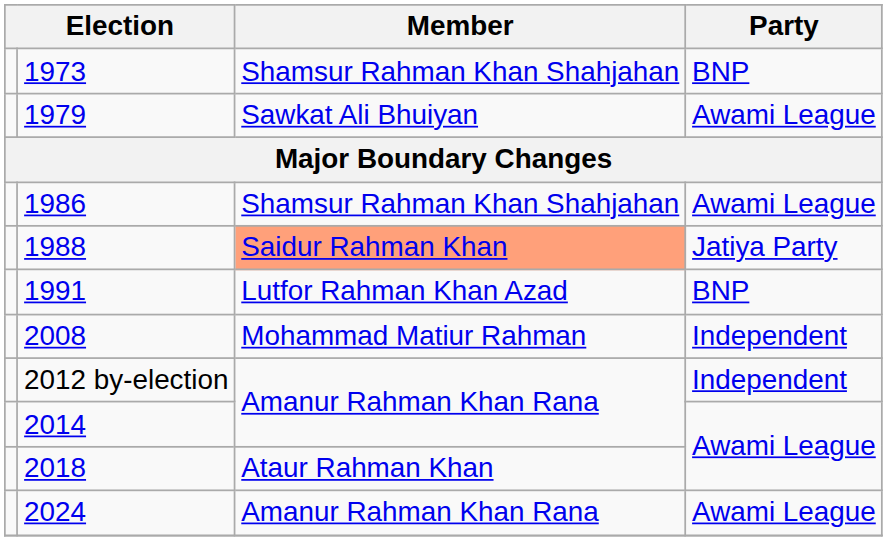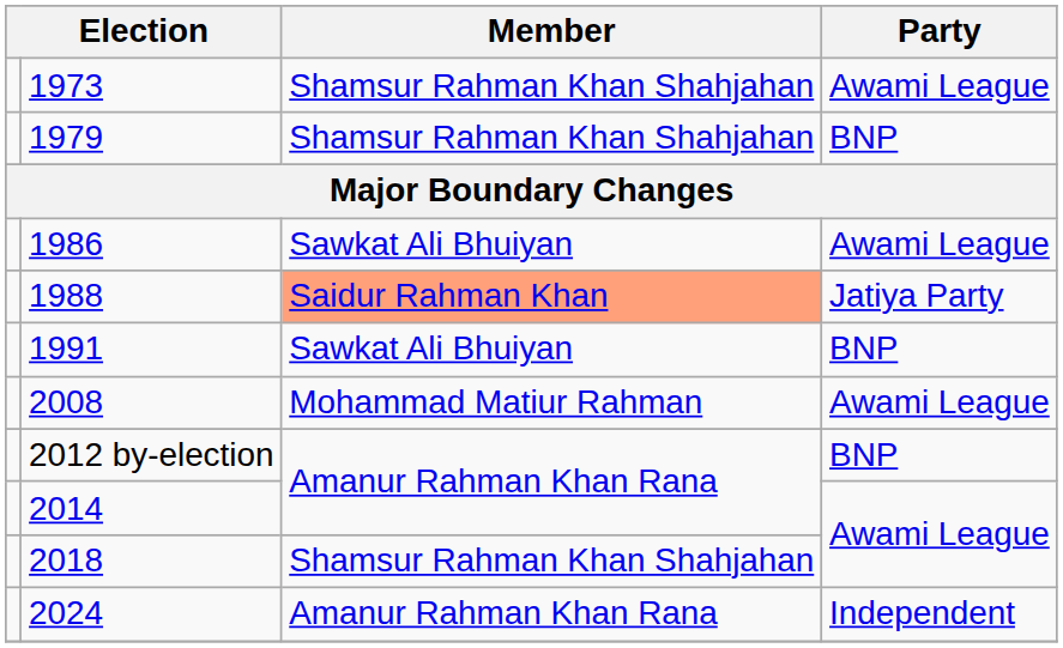 <table class="wikitable">
 <tr>
 <th colspan="2">Election</th>
 <th>Member</th>
 <th>Party</th>
 </tr>
 <tr>
 <td style="background-color:"></td>
 <td><a href='#'>1973</a></td>
 <td><a href='#'>Shamsur Rahman Khan Shahjahan</a></td>
-<td><a href='#'>BNP</a></td>
+<td><a href='#'>Awami League</a></td>
 </tr>
 <tr>
 <td style="background-color:"></td>
 <td><a href='#'>1979</a></td>
-<td><a href='#'>Sawkat Ali Bhuiyan</a></td>
-<td><a href='#'>Awami League</a></td>
+<td><a href='#'>Shamsur Rahman Khan Shahjahan</a></td>
+<td><a href='#'>BNP</a></td>
 </tr>
 <tr>
 <th colspan="4">Major Boundary Changes</th>
 </tr>
 <tr>
 <td style="background-color:"></td>
 <td><a href='#'>1986</a></td>
-<td><a href='#'>Shamsur Rahman Khan Shahjahan</a></td>
+<td><a href='#'>Sawkat Ali Bhuiyan</a></td>
 <td><a href='#'>Awami League</a></td>
 </tr>
 <tr>
 <td style="background-color:"></td>
 <td><a href='#'>1988</a></td>
 <td style="background: lightsalmon;"><a href='#'>Saidur Rahman Khan</a></td>
 <td><a href='#'>Jatiya Party</a></td>
 </tr>
 <tr>
 <td style="background-color:"></td>
 <td><a href='#'>1991</a></td>
-<td><a href='#'>Lutfor Rahman Khan Azad</a></td>
+<td><a href='#'>Sawkat Ali Bhuiyan</a></td>
 <td><a href='#'>BNP</a></td>
 </tr>
 <tr>
 <td style="background-color:"></td>
 <td><a href='#'>2008</a></td>
 <td><a href='#'>Mohammad Matiur Rahman</a></td>
-<td><a href='#'>Independent</a></td>
+<td><a href='#'>Awami League</a></td>
 </tr>
 <tr>
 <td style="background-color:"></td>
 <td>2012 by-election</td>
 <td rowspan="2"><a href='#'>Amanur Rahman Khan Rana</a></td>
-<td><a href='#'>Independent</a></td>
+<td><a href='#'>BNP</a></td>
 </tr>
 <tr>
 <td style="background-color:"></td>
 <td><a href='#'>2014</a></td>
 <td rowspan="2"><a href='#'>Awami League</a></td>
 </tr>
 <tr>
 <td style="background-color:"></td>
 <td><a href='#'>2018</a></td>
-<td><a href='#'>Ataur Rahman Khan</a></td>
+<td><a href='#'>Shamsur Rahman Khan Shahjahan</a></td>
 </tr>
 <tr>
 <td style="background-color:"></td>
 <td><a href='#'>2024</a></td>
 <td><a href='#'>Amanur Rahman Khan Rana</a></td>
-<td><a href='#'>Awami League</a></td>
+<td><a href='#'>Independent</a></td>
 </tr>
 <tr>
 </tr>
 </table>
